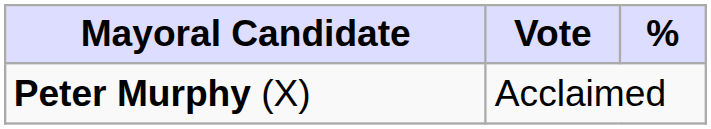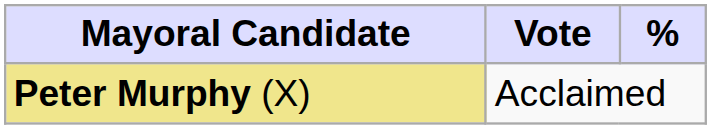 <table class="wikitable">
 <tr>
 <th style="background:#ddf; width:200px;">Mayoral Candidate</th>
 <th style="background:#ddf; width:50px;">Vote</th>
 <th style="background:#ddf; width:30px;">%</th>
 </tr>
 <tr>
-<td><strong>Peter Murphy</strong> (X)</td>
+<td style="background: khaki;"><strong>Peter Murphy</strong> (X)</td>
 <td colspan="2">Acclaimed</td>
 </tr>
 </table>
